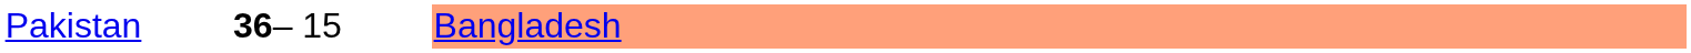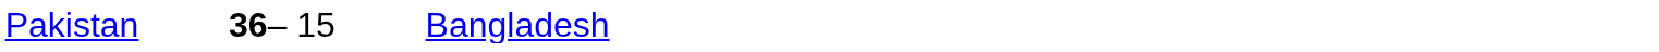 <table style="text-align:center; width:100%;">
 <tr>
 <th width=45%></th>
 <th width=10%></th>
 <th width=45%></th>
 </tr>
 <tr>
 <td align=right><a href='#'>Pakistan</a> </td>
 <td><strong>36</strong>– 15</td>
-<td align=left style="background: lightsalmon;"> <a href='#'>Bangladesh</a></td>
+<td align=left> <a href='#'>Bangladesh</a></td>
 </tr>
 </table>
